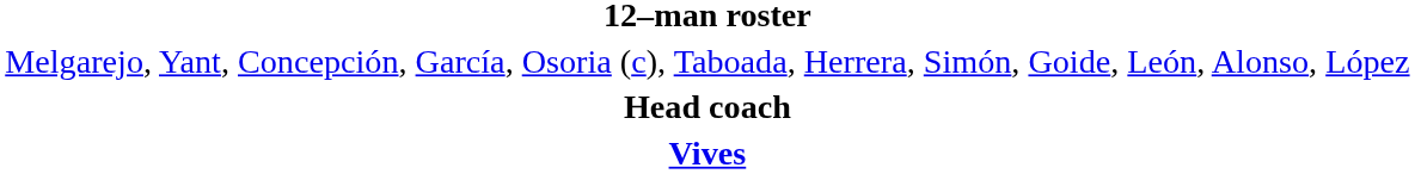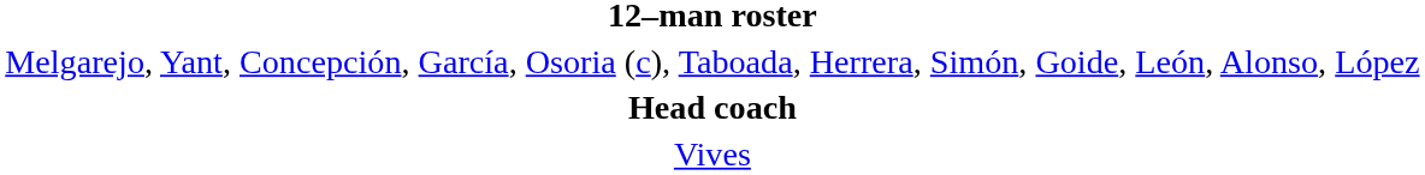 <table style="text-align:center; margin-top:2em; margin-left:auto; margin-right:auto">
 <tr>
 <td><strong>12–man roster</strong></td>
 </tr>
 <tr>
 <td><a href='#'>Melgarejo</a>, <a href='#'>Yant</a>, <a href='#'>Concepción</a>, <a href='#'>García</a>, <a href='#'>Osoria</a> (<a href='#'>c</a>), <a href='#'>Taboada</a>, <a href='#'>Herrera</a>, <a href='#'>Simón</a>, <a href='#'>Goide</a>, <a href='#'>León</a>, <a href='#'>Alonso</a>, <a href='#'>López</a></td>
 </tr>
 <tr>
 <td><strong>Head coach</strong></td>
 </tr>
 <tr>
-<td><strong><a href='#'>Vives</a></strong></td>
+<td><a href='#'>Vives</a></td>
 </tr>
 </table>
